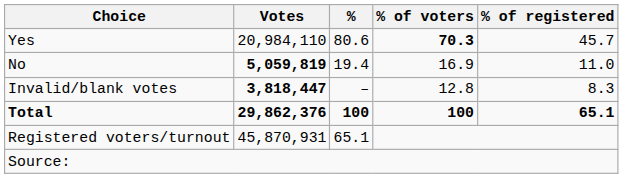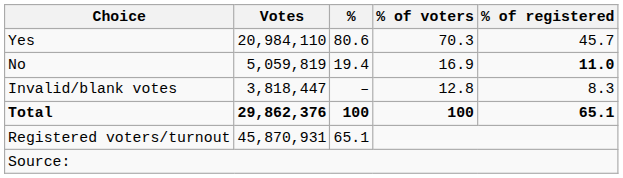 <table class=wikitable style=text-align:right>
 <tr>
 <th>Choice</th>
 <th>Votes</th>
 <th>%</th>
 <th>% of voters</th>
 <th>% of registered</th>
 </tr>
 <tr>
 <td align=left> Yes</td>
 <td>20,984,110</td>
 <td>80.6</td>
-<td><strong>70.3</strong></td>
+<td>70.3</td>
 <td>45.7</td>
 </tr>
 <tr>
 <td align=left>No</td>
-<td><strong>5,059,819</strong></td>
+<td>5,059,819</td>
 <td>19.4</td>
 <td>16.9</td>
-<td>11.0</td>
+<td><strong>11.0</strong></td>
 </tr>
 <tr>
 <td align=left>Invalid/blank votes</td>
-<td><strong>3,818,447</strong></td>
+<td>3,818,447</td>
 <td>–</td>
 <td>12.8</td>
 <td>8.3</td>
 </tr>
 <tr>
 <td align=left><strong>Total</strong></td>
 <td><strong>29,862,376</strong></td>
 <td><strong>100</strong></td>
 <td><strong>100</strong></td>
 <td><strong>65.1</strong></td>
 </tr>
 <tr>
 <td align=left>Registered voters/turnout</td>
 <td>45,870,931</td>
 <td>65.1</td>
 </tr>
 <tr>
 <td align=left colspan=5>Source: </td>
 </tr>
 </table>
